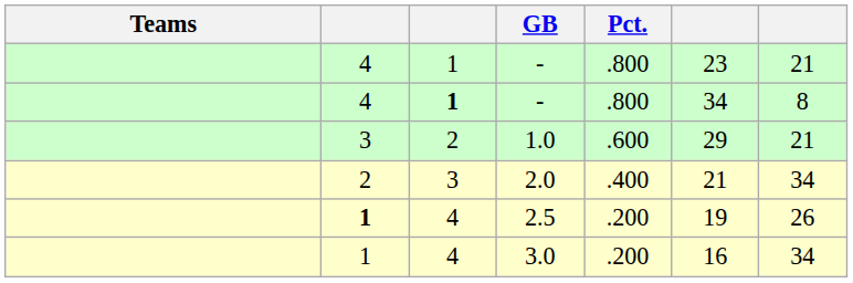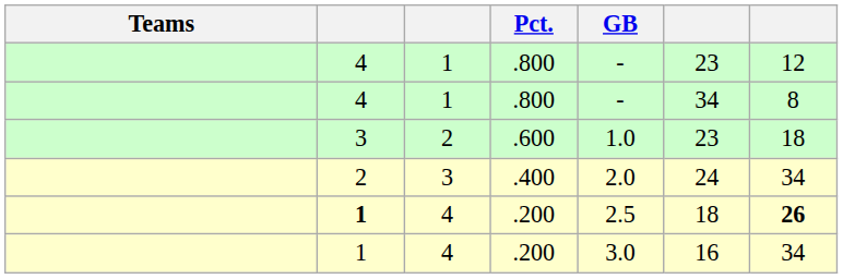 <table class="wikitable" style="text-align:center;">
 <tr>
 <th width=200px>Teams</th>
 <th width=50px></th>
 <th width=50px></th>
+<th width=50px><a href='#'>Pct.</a></th>
 <th width=50px><a href='#'>GB</a></th>
-<th width=50px><a href='#'>Pct.</a></th>
 <th width=50px></th>
 <th width=50px></th>
 </tr>
 <tr style="background-color:#ccffcc">
 <td align=left></td>
 <td>4</td>
 <td>1</td>
+<td>.800</td>
 <td>-</td>
-<td>.800</td>
 <td>23</td>
-<td>21</td>
+<td>12</td>
 </tr>
 <tr style="background-color:#ccffcc">
 <td align="left"></td>
 <td>4</td>
-<td><strong>1</strong></td>
+<td>1</td>
+<td>.800</td>
 <td>-</td>
-<td>.800</td>
 <td>34</td>
 <td>8</td>
 </tr>
 <tr style="background-color:#ccffcc">
 <td align="left"></td>
 <td>3</td>
 <td>2</td>
+<td>.600</td>
 <td>1.0</td>
-<td>.600</td>
-<td>29</td>
-<td>21</td>
+<td>23</td>
+<td>18</td>
 </tr>
 <tr style="background-color:#ffffcc">
 <td align="left"></td>
 <td>2</td>
 <td>3</td>
+<td>.400</td>
 <td>2.0</td>
-<td>.400</td>
-<td>21</td>
+<td>24</td>
 <td>34</td>
 </tr>
 <tr style="background-color:#ffffcc">
 <td align="left"></td>
 <td><strong>1</strong></td>
 <td>4</td>
+<td>.200</td>
 <td>2.5</td>
-<td>.200</td>
-<td>19</td>
-<td>26</td>
+<td>18</td>
+<td><strong>26</strong></td>
 </tr>
 <tr style="background-color:#ffffcc">
 <td align=left></td>
 <td>1</td>
 <td>4</td>
+<td>.200</td>
 <td>3.0</td>
-<td>.200</td>
 <td>16</td>
 <td>34</td>
 </tr>
 </table>
